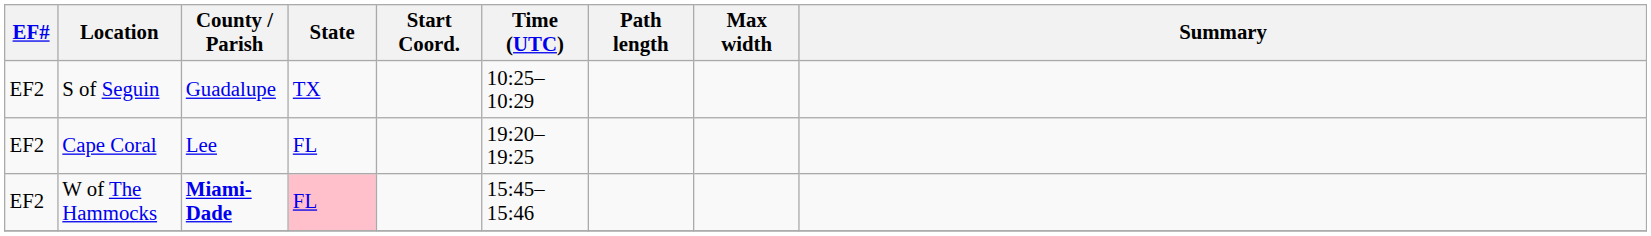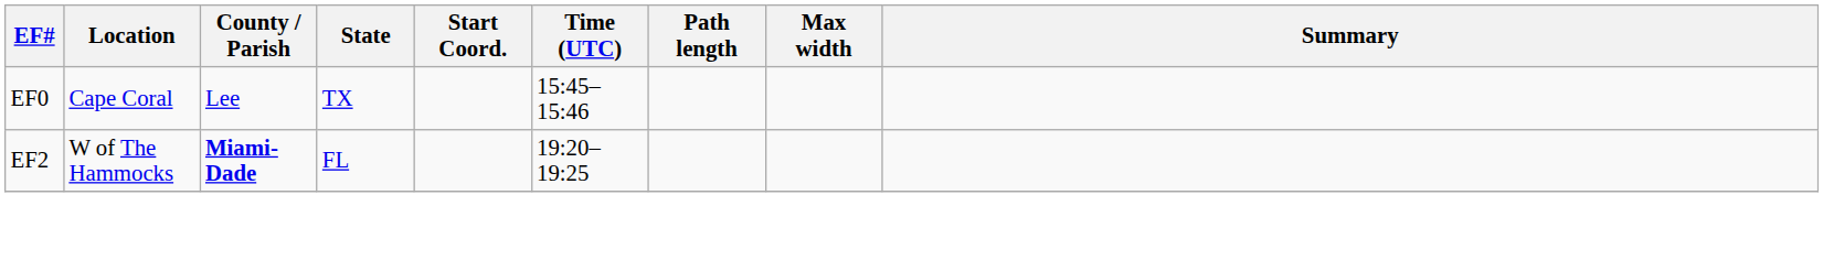 <table class="wikitable sortable" style="width:100%;">
 <tr>
 <th scope="col"  style="width:3%; text-align:center;"><a href='#'>EF#</a></th>
 <th scope="col"  style="width:7%; text-align:center;" class="unsortable">Location</th>
 <th scope="col"  style="width:6%; text-align:center;" class="unsortable">County / Parish</th>
 <th scope="col"  style="width:5%; text-align:center;">State</th>
 <th scope="col"  style="width:6%; text-align:center;">Start Coord.</th>
 <th scope="col"  style="width:6%; text-align:center;">Time (<a href='#'>UTC</a>)</th>
 <th scope="col"  style="width:6%; text-align:center;">Path length</th>
 <th scope="col"  style="width:6%; text-align:center;">Max width</th>
 <th scope="col" class="unsortable" style="width:48%; text-align:center;">Summary</th>
 </tr>
 <tr>
-<td>EF2</td>
-<td>S of <a href='#'>Seguin</a></td>
-<td><a href='#'>Guadalupe</a></td>
+<td>EF0</td>
+<td><a href='#'>Cape Coral</a></td>
+<td><a href='#'>Lee</a></td>
 <td><a href='#'>TX</a></td>
 <td></td>
-<td>10:25–10:29</td>
+<td>15:45–15:46</td>
 <td></td>
 <td></td>
 <td></td>
 </tr>
 <tr>
 <td>EF2</td>
-<td><a href='#'>Cape Coral</a></td>
-<td><a href='#'>Lee</a></td>
+<td>W of <a href='#'>The Hammocks</a></td>
+<td><strong><a href='#'>Miami-Dade</a></strong></td>
 <td><a href='#'>FL</a></td>
 <td></td>
 <td>19:20–19:25</td>
 <td></td>
 <td></td>
 <td></td>
 </tr>
 <tr>
-<td>EF2</td>
-<td>W of <a href='#'>The Hammocks</a></td>
-<td><strong><a href='#'>Miami-Dade</a></strong></td>
-<td style="background: pink;"><a href='#'>FL</a></td>
-<td></td>
-<td>15:45–15:46</td>
-<td></td>
-<td></td>
-<td></td>
-</tr>
-<tr>
 </tr>
 </table>
